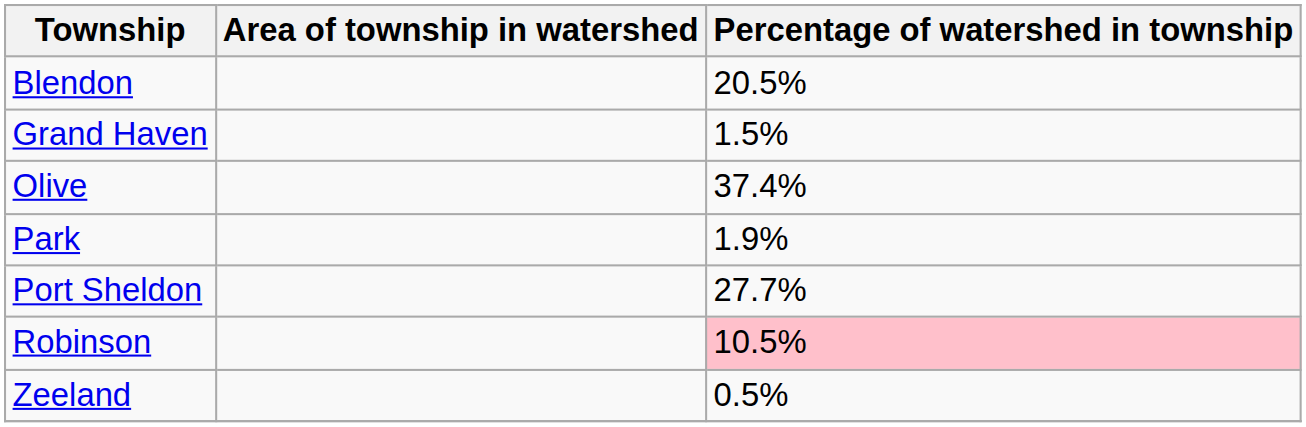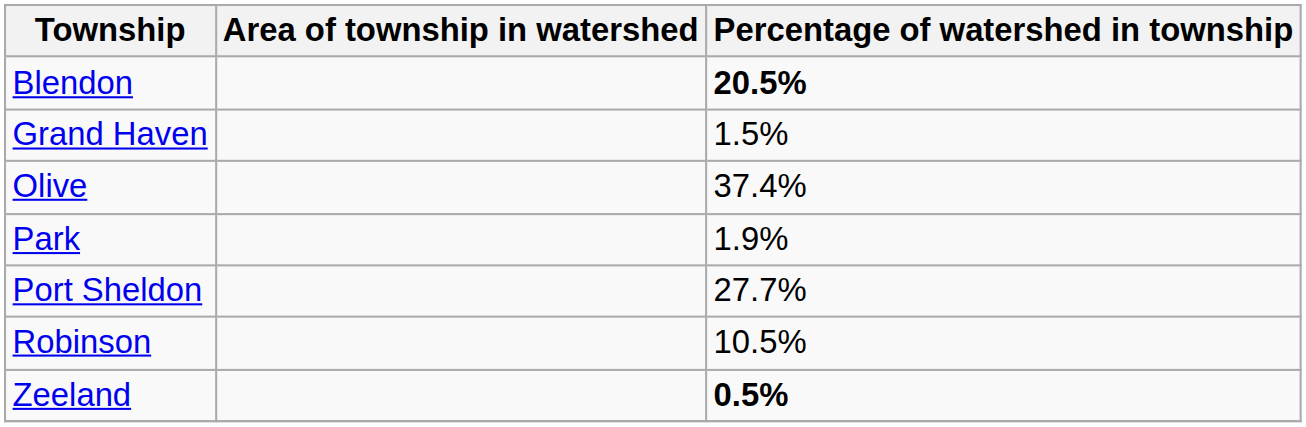 <table class="wikitable sortable" border="1">
 <tr>
 <th>Township</th>
 <th>Area of township in watershed</th>
 <th>Percentage of watershed in township</th>
 </tr>
 <tr>
 <td><a href='#'>Blendon</a></td>
 <td></td>
-<td>20.5%</td>
+<td><strong>20.5%</strong></td>
 </tr>
 <tr>
 <td><a href='#'>Grand Haven</a></td>
 <td></td>
 <td>1.5%</td>
 </tr>
 <tr>
 <td><a href='#'>Olive</a></td>
 <td></td>
 <td>37.4%</td>
 </tr>
 <tr>
 <td><a href='#'>Park</a></td>
 <td></td>
 <td>1.9%</td>
 </tr>
 <tr>
 <td><a href='#'>Port Sheldon</a></td>
 <td></td>
 <td>27.7%</td>
 </tr>
 <tr>
 <td><a href='#'>Robinson</a></td>
 <td></td>
-<td style="background: pink;">10.5%</td>
+<td>10.5%</td>
 </tr>
 <tr>
 <td><a href='#'>Zeeland</a></td>
 <td></td>
-<td>0.5%</td>
+<td><strong>0.5%</strong></td>
 </tr>
 <tr>
 </tr>
 </table>
